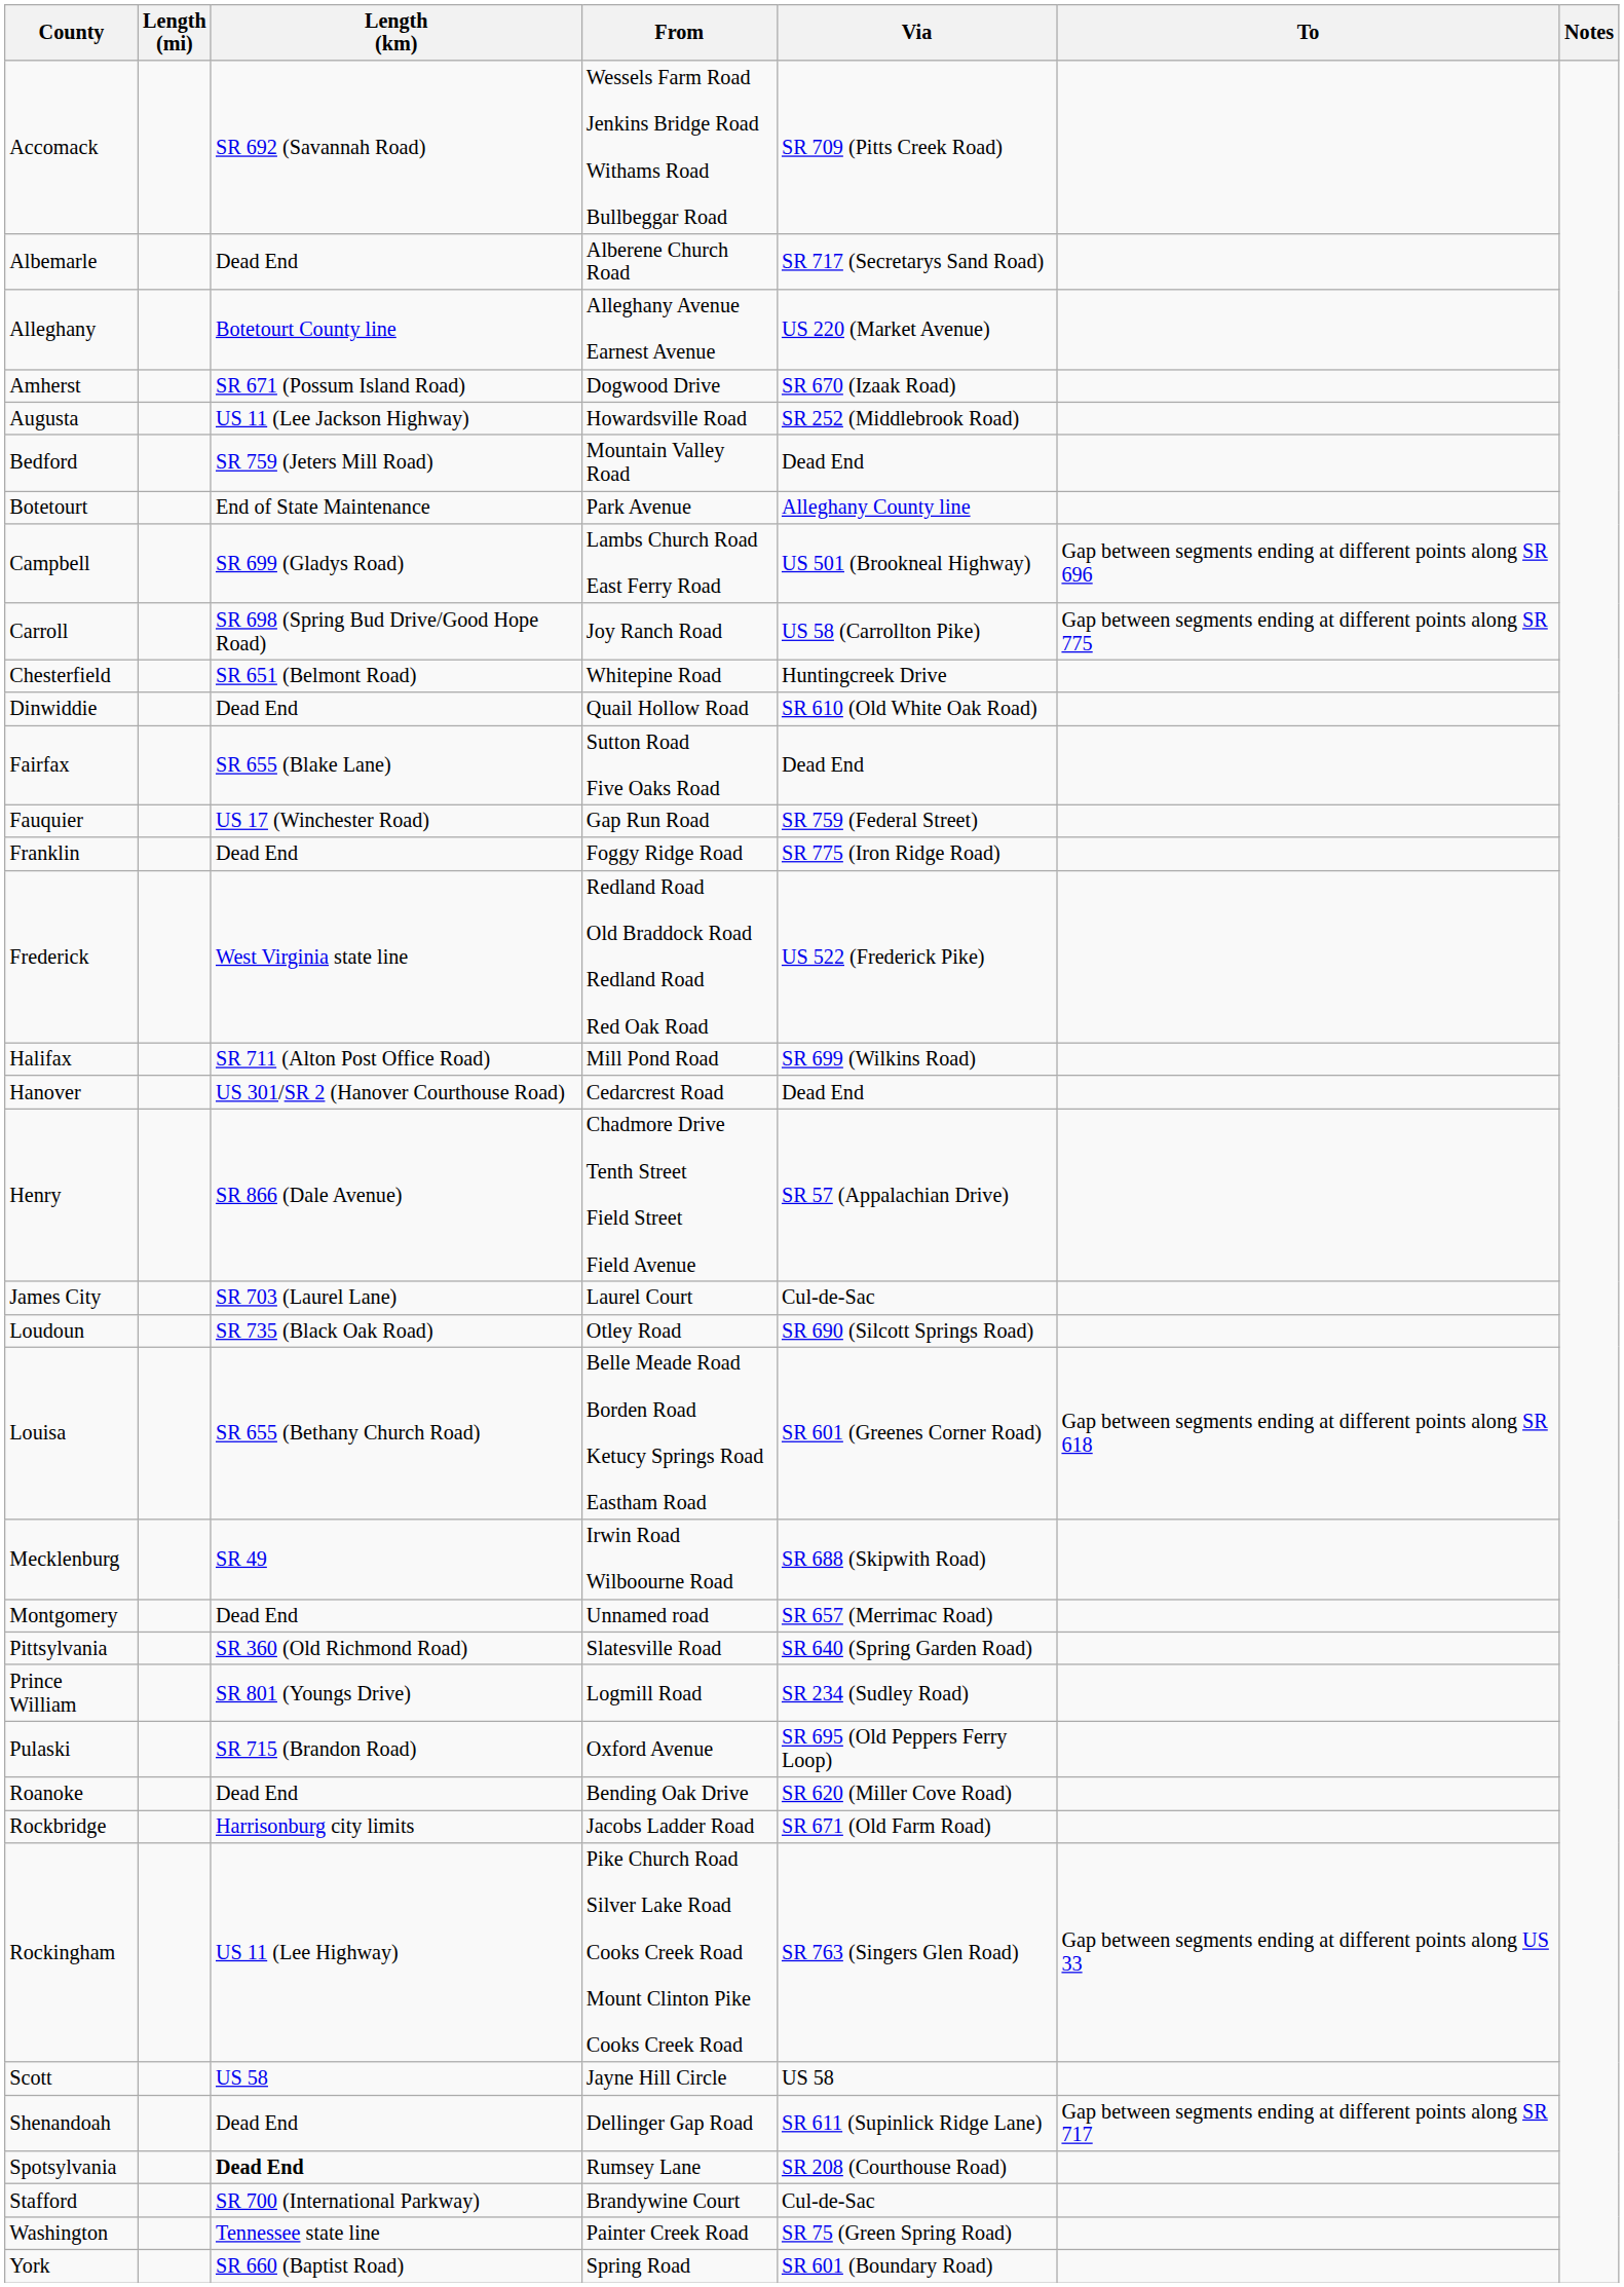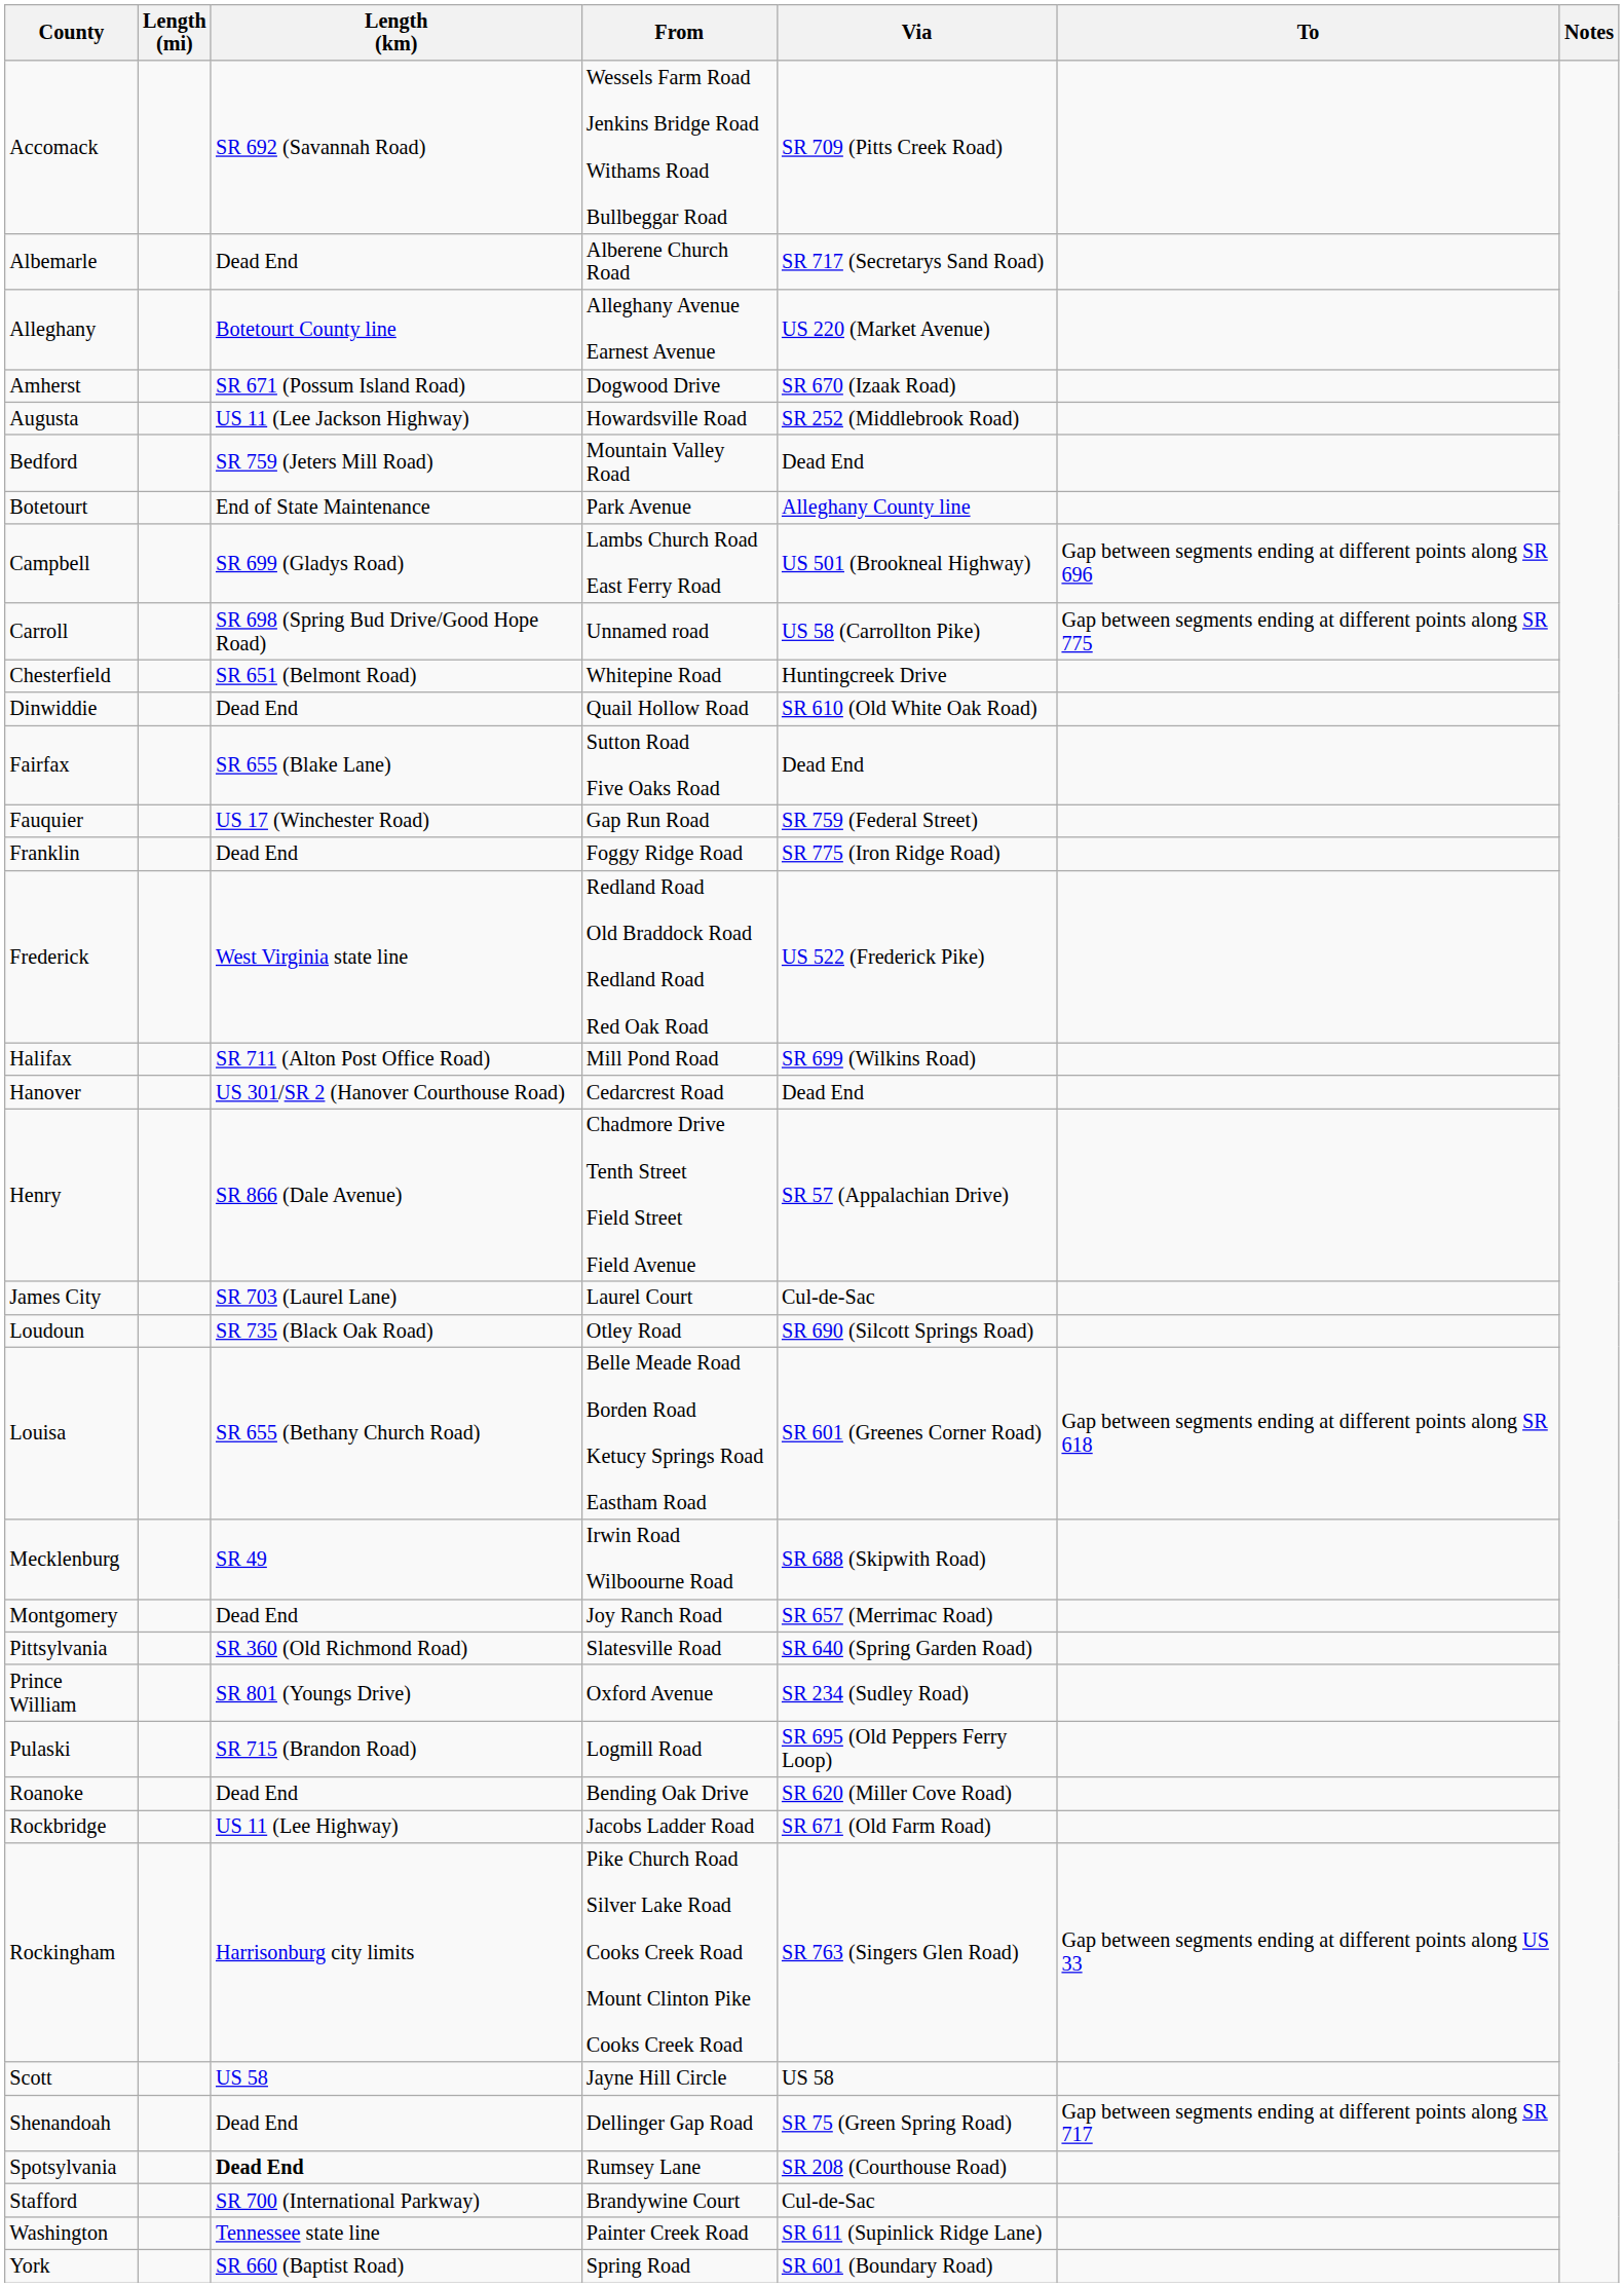 <table class="wikitable sortable">
 <tr>
 <th>County</th>
 <th>Length<br>(mi)</th>
 <th>Length<br>(km)</th>
 <th class="unsortable">From</th>
 <th class="unsortable">Via</th>
 <th class="unsortable">To</th>
 <th class="unsortable">Notes</th>
 </tr>
 <tr>
 <td id="Accomack">Accomack</td>
 <td></td>
 <td><a href='#'>SR 692</a> (Savannah Road)</td>
 <td>Wessels Farm Road<br><br>Jenkins Bridge Road<br><br>Withams Road<br><br>Bullbeggar Road</td>
 <td><a href='#'>SR 709</a> (Pitts Creek Road)</td>
 <td></td>
 </tr>
 <tr>
 <td id="Albemarle">Albemarle</td>
 <td></td>
 <td>Dead End</td>
 <td>Alberene Church Road</td>
 <td><a href='#'>SR 717</a> (Secretarys Sand Road)</td>
 <td></td>
 </tr>
 <tr>
 <td id="Alleghany">Alleghany</td>
 <td></td>
 <td><a href='#'>Botetourt County line</a></td>
 <td>Alleghany Avenue<br><br>Earnest Avenue</td>
 <td><a href='#'>US 220</a> (Market Avenue)</td>
 <td><br></td>
 </tr>
 <tr>
 <td id="Amherst">Amherst</td>
 <td></td>
 <td><a href='#'>SR 671</a> (Possum Island Road)</td>
 <td>Dogwood Drive</td>
 <td><a href='#'>SR 670</a> (Izaak Road)</td>
 <td><br> </td>
 </tr>
 <tr>
 <td id="Augusta">Augusta</td>
 <td></td>
 <td><a href='#'>US 11</a> (Lee Jackson Highway)</td>
 <td>Howardsville Road</td>
 <td><a href='#'>SR 252</a> (Middlebrook Road)</td>
 <td><br></td>
 </tr>
 <tr>
 <td id="Bedford">Bedford</td>
 <td></td>
 <td><a href='#'>SR 759</a> (Jeters Mill Road)</td>
 <td>Mountain Valley Road</td>
 <td>Dead End</td>
 <td><br></td>
 </tr>
 <tr>
 <td id="Botetourt">Botetourt</td>
 <td></td>
 <td>End of State Maintenance</td>
 <td>Park Avenue</td>
 <td><a href='#'>Alleghany County line</a></td>
 <td><br>  </td>
 </tr>
 <tr>
 <td id="Campbell">Campbell</td>
 <td></td>
 <td><a href='#'>SR 699</a> (Gladys Road)</td>
 <td>Lambs Church Road<br><br>East Ferry Road</td>
 <td><a href='#'>US 501</a> (Brookneal Highway)</td>
 <td>Gap between segments ending at different points along <a href='#'>SR 696</a><br></td>
 </tr>
 <tr>
 <td id="Carroll">Carroll</td>
 <td></td>
 <td><a href='#'>SR 698</a> (Spring Bud Drive/Good Hope Road)</td>
-<td>Joy Ranch Road</td>
+<td>Unnamed road</td>
 <td><a href='#'>US 58</a> (Carrollton Pike)</td>
 <td>Gap between segments ending at different points along <a href='#'>SR 775</a><br> </td>
 </tr>
 <tr>
 <td id="Chesterfield">Chesterfield</td>
 <td></td>
 <td><a href='#'>SR 651</a> (Belmont Road)</td>
 <td>Whitepine Road</td>
 <td>Huntingcreek Drive</td>
 <td><br>    </td>
 </tr>
 <tr>
 <td id="Dinwiddie">Dinwiddie</td>
 <td></td>
 <td>Dead End</td>
 <td>Quail Hollow Road</td>
 <td><a href='#'>SR 610</a> (Old White Oak Road)</td>
 <td><br></td>
 </tr>
 <tr>
 <td id="Fairfax">Fairfax</td>
 <td></td>
 <td><a href='#'>SR 655</a> (Blake Lane)</td>
 <td>Sutton Road<br><br>Five Oaks Road</td>
 <td>Dead End</td>
 <td></td>
 </tr>
 <tr>
 <td id="Fauquier">Fauquier</td>
 <td></td>
 <td><a href='#'>US 17</a> (Winchester Road)</td>
 <td>Gap Run Road</td>
 <td><a href='#'>SR 759</a> (Federal Street)</td>
 <td><br> </td>
 </tr>
 <tr>
 <td id="Franklin">Franklin</td>
 <td></td>
 <td>Dead End</td>
 <td>Foggy Ridge Road</td>
 <td><a href='#'>SR 775</a> (Iron Ridge Road)</td>
 <td></td>
 </tr>
 <tr>
 <td id="Frederick">Frederick</td>
 <td></td>
 <td><a href='#'>West Virginia</a> state line</td>
 <td>Redland Road<br><br>Old Braddock Road<br><br>Redland Road<br><br>Red Oak Road</td>
 <td><a href='#'>US 522</a> (Frederick Pike)</td>
 <td><br>     </td>
 </tr>
 <tr>
 <td id="Halifax">Halifax</td>
 <td></td>
 <td><a href='#'>SR 711</a> (Alton Post Office Road)</td>
 <td>Mill Pond Road</td>
 <td><a href='#'>SR 699</a> (Wilkins Road)</td>
 <td></td>
 </tr>
 <tr>
 <td id="Hanover">Hanover</td>
 <td></td>
 <td><a href='#'>US 301</a>/<a href='#'>SR 2</a> (Hanover Courthouse Road)</td>
 <td>Cedarcrest Road</td>
 <td>Dead End</td>
 <td><br></td>
 </tr>
 <tr>
 <td id="Henry">Henry</td>
 <td></td>
 <td><a href='#'>SR 866</a> (Dale Avenue)</td>
 <td>Chadmore Drive<br><br>Tenth Street<br><br>Field Street<br><br>Field Avenue</td>
 <td><a href='#'>SR 57</a> (Appalachian Drive)</td>
 <td><br> </td>
 </tr>
 <tr>
 <td id="James City">James City</td>
 <td></td>
 <td><a href='#'>SR 703</a> (Laurel Lane)</td>
 <td>Laurel Court</td>
 <td>Cul-de-Sac</td>
 <td><br>    </td>
 </tr>
 <tr>
 <td id="Loudoun">Loudoun</td>
 <td></td>
 <td><a href='#'>SR 735</a> (Black Oak Road)</td>
 <td>Otley Road</td>
 <td><a href='#'>SR 690</a> (Silcott Springs Road)</td>
 <td></td>
 </tr>
 <tr>
 <td id="Louisa">Louisa</td>
 <td></td>
 <td><a href='#'>SR 655</a> (Bethany Church Road)</td>
 <td>Belle Meade Road<br><br>Borden Road<br><br>Ketucy Springs Road<br><br>Eastham Road</td>
 <td><a href='#'>SR 601</a> (Greenes Corner Road)</td>
 <td>Gap between segments ending at different points along <a href='#'>SR 618</a><br>  </td>
 </tr>
 <tr>
 <td id="Mecklenburg">Mecklenburg</td>
 <td></td>
 <td><a href='#'>SR 49</a></td>
 <td>Irwin Road<br><br>Wilboourne Road</td>
 <td><a href='#'>SR 688</a> (Skipwith Road)</td>
 <td><br></td>
 </tr>
 <tr>
 <td id="Montgomery">Montgomery</td>
 <td></td>
 <td>Dead End</td>
-<td>Unnamed road</td>
+<td>Joy Ranch Road</td>
 <td><a href='#'>SR 657</a> (Merrimac Road)</td>
 <td><br>       </td>
 </tr>
 <tr>
 <td id="Pittsylvania">Pittsylvania</td>
 <td></td>
 <td><a href='#'>SR 360</a> (Old Richmond Road)</td>
 <td>Slatesville Road</td>
 <td><a href='#'>SR 640</a> (Spring Garden Road)</td>
 <td><br>  </td>
 </tr>
 <tr>
 <td id="Prince William">Prince William</td>
 <td></td>
 <td><a href='#'>SR 801</a> (Youngs Drive)</td>
-<td>Logmill Road</td>
+<td>Oxford Avenue</td>
 <td><a href='#'>SR 234</a> (Sudley Road)</td>
 <td></td>
 </tr>
 <tr>
 <td id="Pulaski">Pulaski</td>
 <td></td>
 <td><a href='#'>SR 715</a> (Brandon Road)</td>
-<td>Oxford Avenue</td>
+<td>Logmill Road</td>
 <td><a href='#'>SR 695</a> (Old Peppers Ferry Loop)</td>
 <td><br> </td>
 </tr>
 <tr>
 <td id="Roanoke">Roanoke</td>
 <td></td>
 <td>Dead End</td>
 <td>Bending Oak Drive</td>
 <td><a href='#'>SR 620</a> (Miller Cove Road)</td>
 <td></td>
 </tr>
 <tr>
 <td id="Rockbridge">Rockbridge</td>
 <td></td>
-<td><a href='#'>Harrisonburg</a> city limits</td>
+<td><a href='#'>US 11</a> (Lee Highway)</td>
 <td>Jacobs Ladder Road</td>
 <td><a href='#'>SR 671</a> (Old Farm Road)</td>
 <td></td>
 </tr>
 <tr>
 <td id="Rockingham">Rockingham</td>
 <td></td>
-<td><a href='#'>US 11</a> (Lee Highway)</td>
+<td><a href='#'>Harrisonburg</a> city limits</td>
 <td>Pike Church Road<br><br>Silver Lake Road<br><br>Cooks Creek Road<br><br>Mount Clinton Pike<br><br>Cooks Creek Road</td>
 <td><a href='#'>SR 763</a> (Singers Glen Road)</td>
 <td>Gap between segments ending at different points along <a href='#'>US 33</a><br></td>
 </tr>
 <tr>
 <td id="Scott">Scott</td>
 <td></td>
 <td><a href='#'>US 58</a></td>
 <td>Jayne Hill Circle</td>
 <td>US 58</td>
 <td></td>
 </tr>
 <tr>
 <td id="Shenandoah">Shenandoah</td>
 <td></td>
 <td>Dead End</td>
 <td>Dellinger Gap Road</td>
-<td><a href='#'>SR 611</a> (Supinlick Ridge Lane)</td>
+<td><a href='#'>SR 75</a> (Green Spring Road)</td>
 <td>Gap between segments ending at different points along <a href='#'>SR 717</a><br> </td>
 </tr>
 <tr>
 <td id="Spotsylvania">Spotsylvania</td>
 <td></td>
 <td><strong>Dead End</strong></td>
 <td>Rumsey Lane</td>
 <td><a href='#'>SR 208</a> (Courthouse Road)</td>
 <td></td>
 </tr>
 <tr>
 <td id="Stafford">Stafford</td>
 <td></td>
 <td><a href='#'>SR 700</a> (International Parkway)</td>
 <td>Brandywine Court</td>
 <td>Cul-de-Sac</td>
 <td><br>   </td>
 </tr>
 <tr>
 <td id="Washington">Washington</td>
 <td></td>
 <td><a href='#'>Tennessee</a> state line</td>
 <td>Painter Creek Road</td>
-<td><a href='#'>SR 75</a> (Green Spring Road)</td>
+<td><a href='#'>SR 611</a> (Supinlick Ridge Lane)</td>
 <td><br>  </td>
 </tr>
 <tr>
 <td id="York">York</td>
 <td></td>
 <td><a href='#'>SR 660</a> (Baptist Road)</td>
 <td>Spring Road</td>
 <td><a href='#'>SR 601</a> (Boundary Road)</td>
 <td></td>
 </tr>
 </table>
